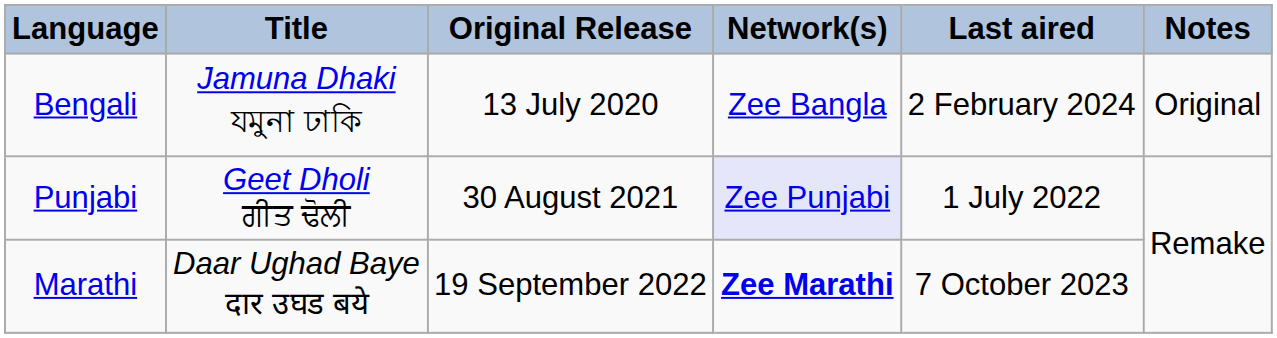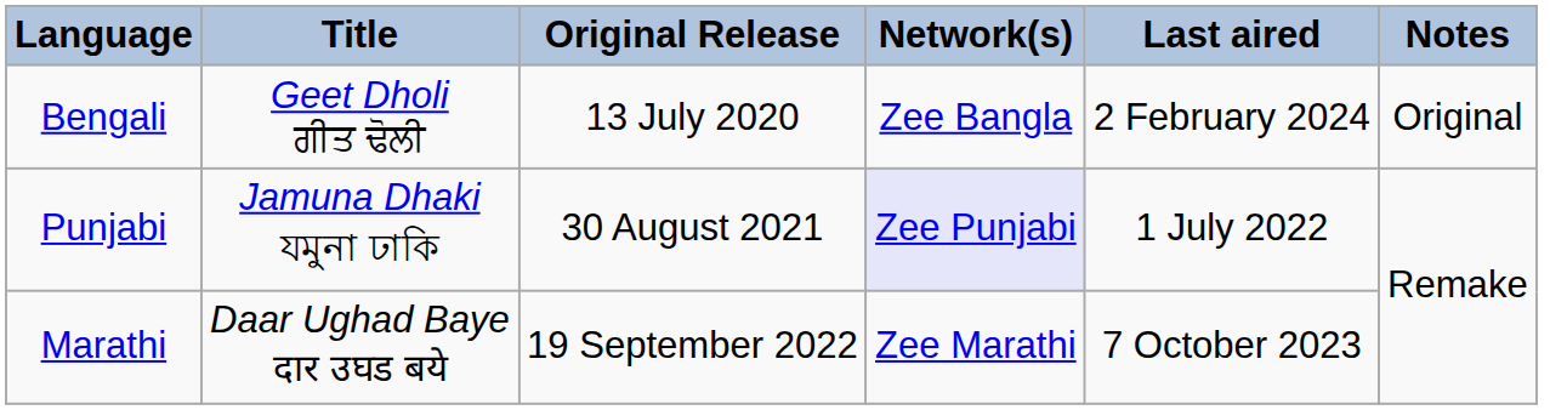 <table class="wikitable" style="text-align:center;">
 <tr>
 <th style="background:LightSteelBlue;">Language</th>
 <th style="background:LightSteelBlue;">Title</th>
 <th style="background:LightSteelBlue;">Original Release</th>
 <th style="background:LightSteelBlue;">Network(s)</th>
 <th style="background:LightSteelBlue;">Last aired</th>
 <th style="background:LightSteelBlue;">Notes</th>
 </tr>
 <tr>
 <td><a href='#'>Bengali</a></td>
-<td><em><a href='#'>Jamuna Dhaki</a></em> <br> যমুনা ঢাকি</td>
+<td><em><a href='#'>Geet Dholi</a></em> <br> ਗੀਤ ਢੋਲੀ</td>
 <td>13 July 2020</td>
 <td><a href='#'>Zee Bangla</a></td>
 <td>2 February 2024</td>
 <td>Original</td>
 </tr>
 <tr>
 <td><a href='#'>Punjabi</a></td>
-<td><em><a href='#'>Geet Dholi</a></em> <br> ਗੀਤ ਢੋਲੀ</td>
+<td><em><a href='#'>Jamuna Dhaki</a></em> <br> যমুনা ঢাকি</td>
 <td>30 August 2021</td>
 <td style="background: lavender;"><a href='#'>Zee Punjabi</a></td>
 <td>1 July 2022</td>
 <td rowspan="2">Remake</td>
 </tr>
 <tr>
 <td><a href='#'>Marathi</a></td>
 <td><em>Daar Ughad Baye</em> <br> दार उघड बये</td>
 <td>19 September 2022</td>
-<td><strong><a href='#'>Zee Marathi</a></strong></td>
+<td><a href='#'>Zee Marathi</a></td>
 <td>7 October 2023</td>
 </tr>
 </table>
